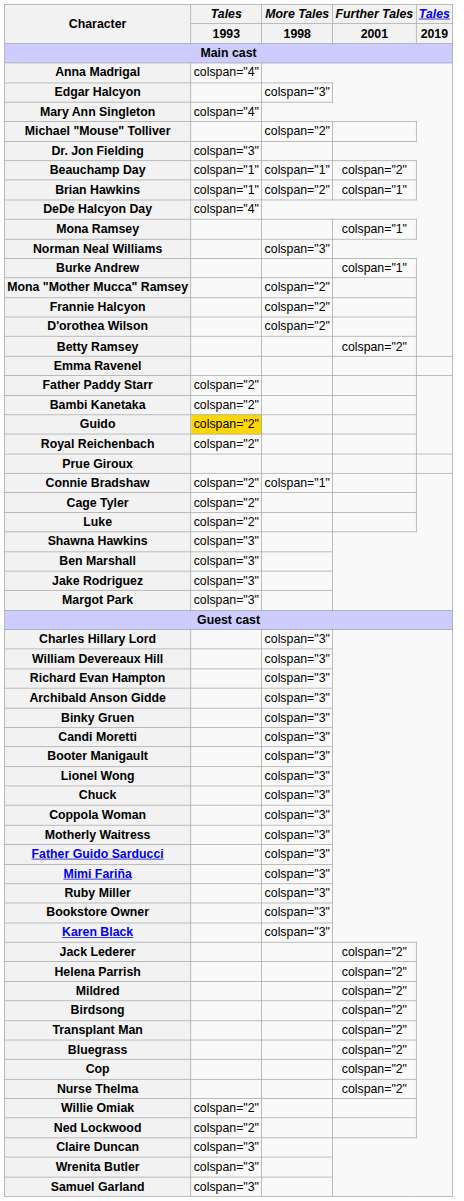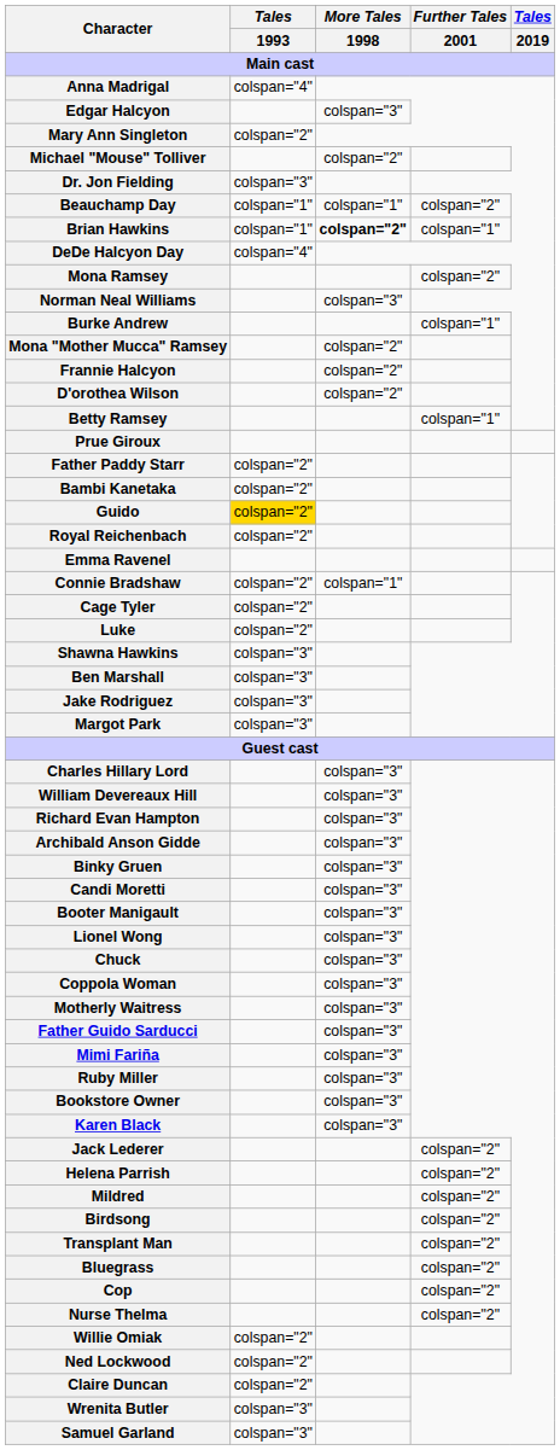 <table class="wikitable" style="text-align:center">
 <tr>
 <th rowspan="2">Character</th>
 <th><em>Tales </em></th>
 <th><em>More Tales </em></th>
 <th><em>Further Tales </em></th>
 <th><em><a href='#'>Tales </a></em></th>
 </tr>
 <tr>
 <th>1993</th>
 <th>1998</th>
 <th>2001</th>
 <th>2019</th>
 </tr>
 <tr>
 <th colspan="5" style="background-color:#ccccff;">Main cast</th>
 </tr>
 <tr>
 <th>Anna Madrigal</th>
 <td>colspan="4" </td>
 </tr>
 <tr>
 <th>Edgar Halcyon</th>
 <td></td>
 <td>colspan="3" </td>
 </tr>
 <tr>
 <th>Mary Ann Singleton</th>
-<td>colspan="4" </td>
+<td>colspan="2" </td>
 </tr>
 <tr>
 <th>Michael "Mouse" Tolliver</th>
 <td></td>
 <td>colspan="2" </td>
 <td></td>
 </tr>
 <tr>
 <th>Dr. Jon Fielding</th>
 <td>colspan="3" </td>
 <td></td>
 </tr>
 <tr>
 <th>Beauchamp Day</th>
 <td>colspan="1" </td>
 <td>colspan="1" </td>
 <td>colspan="2" </td>
 </tr>
 <tr>
 <th>Brian Hawkins</th>
 <td>colspan="1" </td>
-<td>colspan="2" </td>
+<td><strong>colspan="2" </strong></td>
 <td>colspan="1" </td>
 </tr>
 <tr>
 <th>DeDe Halcyon Day</th>
 <td>colspan="4" </td>
 </tr>
 <tr>
 <th>Mona Ramsey</th>
 <td></td>
 <td></td>
-<td>colspan="1" </td>
+<td>colspan="2" </td>
 </tr>
 <tr>
 <th>Norman Neal Williams</th>
 <td></td>
 <td>colspan="3" </td>
 </tr>
 <tr>
 <th>Burke Andrew</th>
 <td></td>
 <td></td>
 <td>colspan="1" </td>
 </tr>
 <tr>
 <th>Mona "Mother Mucca" Ramsey</th>
 <td></td>
 <td>colspan="2" </td>
 <td></td>
 </tr>
 <tr>
 <th>Frannie Halcyon</th>
 <td></td>
 <td>colspan="2" </td>
 <td></td>
 </tr>
 <tr>
 <th>D'orothea Wilson</th>
 <td></td>
 <td>colspan="2" </td>
 <td></td>
 </tr>
 <tr>
 <th>Betty Ramsey</th>
 <td></td>
 <td></td>
-<td>colspan="2" </td>
+<td>colspan="1" </td>
 </tr>
 <tr>
-<th>Emma Ravenel</th>
+<th>Prue Giroux</th>
 <td></td>
 <td></td>
 <td></td>
 <td></td>
 </tr>
 <tr>
 <th>Father Paddy Starr</th>
 <td>colspan="2" </td>
 <td></td>
 <td></td>
 </tr>
 <tr>
 <th>Bambi Kanetaka</th>
 <td>colspan="2" </td>
 <td></td>
 <td></td>
 </tr>
 <tr>
 <th>Guido</th>
 <td style="background: gold;">colspan="2" </td>
 <td></td>
 <td></td>
 </tr>
 <tr>
 <th>Royal Reichenbach</th>
 <td>colspan="2" </td>
 <td></td>
 <td></td>
 </tr>
 <tr>
-<th>Prue Giroux</th>
+<th>Emma Ravenel</th>
 <td></td>
 <td></td>
 <td></td>
 <td></td>
 </tr>
 <tr>
 <th>Connie Bradshaw</th>
 <td>colspan="2" </td>
 <td>colspan="1" </td>
 <td></td>
 </tr>
 <tr>
 <th>Cage Tyler</th>
 <td>colspan="2" </td>
 <td></td>
 <td></td>
 </tr>
 <tr>
 <th>Luke</th>
 <td>colspan="2" </td>
 <td></td>
 <td></td>
 </tr>
 <tr>
 <th>Shawna Hawkins</th>
 <td>colspan="3" </td>
 <td></td>
 </tr>
 <tr>
 <th>Ben Marshall</th>
 <td>colspan="3" </td>
 <td></td>
 </tr>
 <tr>
 <th>Jake Rodriguez</th>
 <td>colspan="3" </td>
 <td></td>
 </tr>
 <tr>
 <th>Margot Park</th>
 <td>colspan="3" </td>
 <td></td>
 </tr>
 <tr>
 <th colspan="5" style="background-color:#ccccff;">Guest cast</th>
 </tr>
 <tr>
 <th>Charles Hillary Lord</th>
 <td></td>
 <td>colspan="3" </td>
 </tr>
 <tr>
 <th>William Devereaux Hill</th>
 <td></td>
 <td>colspan="3" </td>
 </tr>
 <tr>
 <th>Richard Evan Hampton</th>
 <td></td>
 <td>colspan="3" </td>
 </tr>
 <tr>
 <th>Archibald Anson Gidde</th>
 <td></td>
 <td>colspan="3" </td>
 </tr>
 <tr>
 <th>Binky Gruen</th>
 <td></td>
 <td>colspan="3" </td>
 </tr>
 <tr>
 <th>Candi Moretti</th>
 <td></td>
 <td>colspan="3" </td>
 </tr>
 <tr>
 <th>Booter Manigault</th>
 <td></td>
 <td>colspan="3" </td>
 </tr>
 <tr>
 <th>Lionel Wong</th>
 <td></td>
 <td>colspan="3" </td>
 </tr>
 <tr>
 <th>Chuck</th>
 <td></td>
 <td>colspan="3" </td>
 </tr>
 <tr>
 <th>Coppola Woman</th>
 <td></td>
 <td>colspan="3" </td>
 </tr>
 <tr>
 <th>Motherly Waitress</th>
 <td></td>
 <td>colspan="3" </td>
 </tr>
 <tr>
 <th><a href='#'>Father Guido Sarducci</a></th>
 <td></td>
 <td>colspan="3" </td>
 </tr>
 <tr>
 <th><a href='#'>Mimi Fariña</a></th>
 <td></td>
 <td>colspan="3" </td>
 </tr>
 <tr>
 <th>Ruby Miller</th>
 <td></td>
 <td>colspan="3" </td>
 </tr>
 <tr>
 <th>Bookstore Owner</th>
 <td></td>
 <td>colspan="3" </td>
 </tr>
 <tr>
 <th><a href='#'>Karen Black</a></th>
 <td></td>
 <td>colspan="3" </td>
 </tr>
 <tr>
 <th>Jack Lederer</th>
 <td></td>
 <td></td>
 <td>colspan="2" </td>
 </tr>
 <tr>
 <th>Helena Parrish</th>
 <td></td>
 <td></td>
 <td>colspan="2" </td>
 </tr>
 <tr>
 <th>Mildred</th>
 <td></td>
 <td></td>
 <td>colspan="2" </td>
 </tr>
 <tr>
 <th>Birdsong</th>
 <td></td>
 <td></td>
 <td>colspan="2" </td>
 </tr>
 <tr>
 <th>Transplant Man</th>
 <td></td>
 <td></td>
 <td>colspan="2" </td>
 </tr>
 <tr>
 <th>Bluegrass</th>
 <td></td>
 <td></td>
 <td>colspan="2" </td>
 </tr>
 <tr>
 <th>Cop</th>
 <td></td>
 <td></td>
 <td>colspan="2" </td>
 </tr>
 <tr>
 <th>Nurse Thelma</th>
 <td></td>
 <td></td>
 <td>colspan="2" </td>
 </tr>
 <tr>
 <th>Willie Omiak</th>
 <td>colspan="2" </td>
 <td></td>
 <td></td>
 </tr>
 <tr>
 <th>Ned Lockwood</th>
 <td>colspan="2" </td>
 <td></td>
 <td></td>
 </tr>
 <tr>
 <th>Claire Duncan</th>
-<td>colspan="3" </td>
+<td>colspan="2" </td>
 <td></td>
 </tr>
 <tr>
 <th>Wrenita Butler</th>
 <td>colspan="3" </td>
 <td></td>
 </tr>
 <tr>
 <th>Samuel Garland</th>
 <td>colspan="3" </td>
 <td></td>
 </tr>
 </table>
